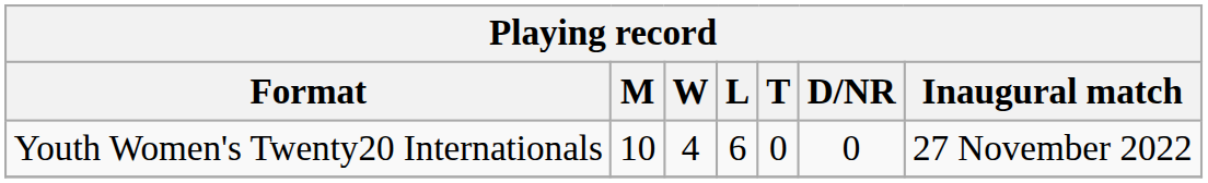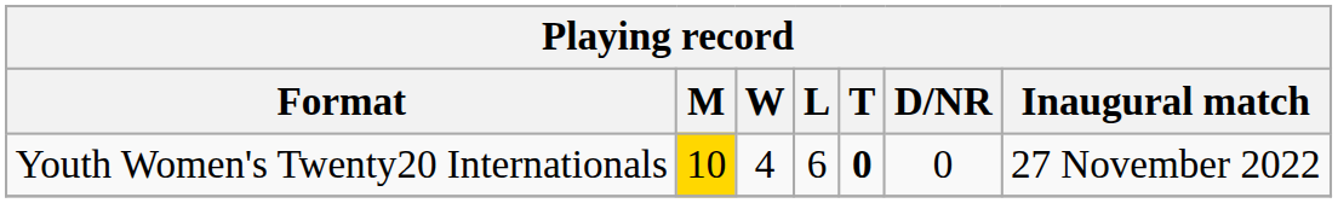 <table class="wikitable" style="text-align: center;">
 <tr>
 <th colspan=7>Playing record</th>
 </tr>
 <tr>
 <th>Format</th>
 <th>M</th>
 <th>W</th>
 <th>L</th>
 <th>T</th>
 <th>D/NR</th>
 <th>Inaugural match</th>
 </tr>
 <tr>
 <td align="left">Youth Women's Twenty20 Internationals</td>
-<td>10</td>
+<td style="background: gold;">10</td>
 <td>4</td>
 <td>6</td>
-<td>0</td>
+<td><strong>0</strong></td>
 <td>0</td>
 <td>27 November 2022</td>
 </tr>
 <tr>
 </tr>
 </table>
